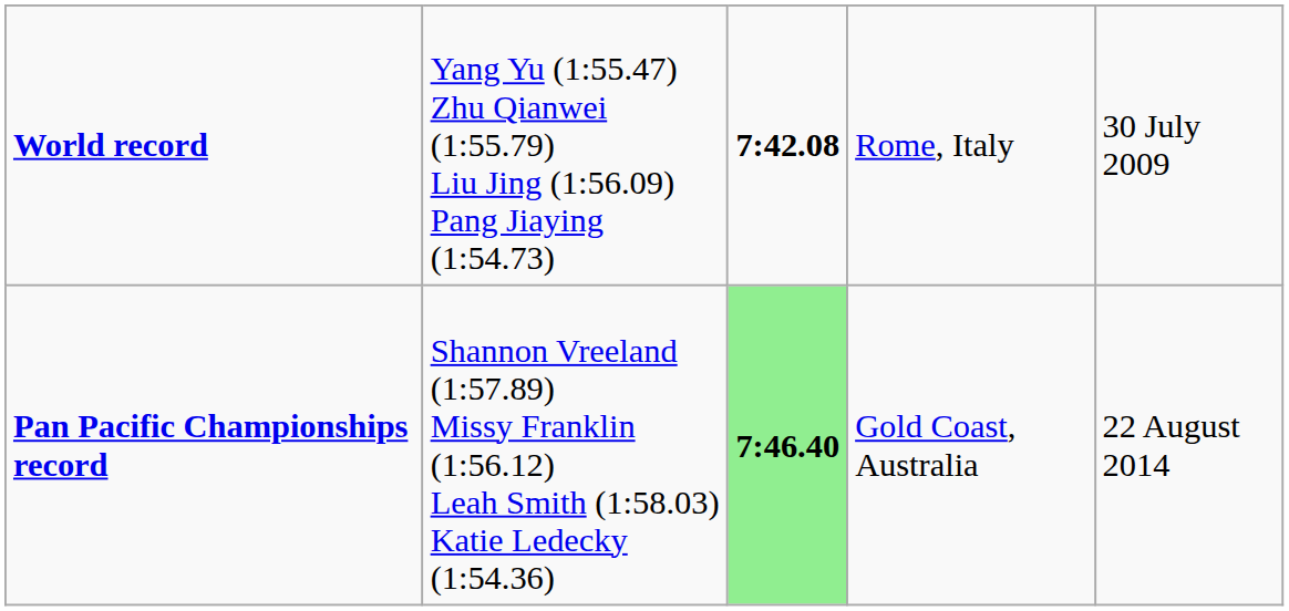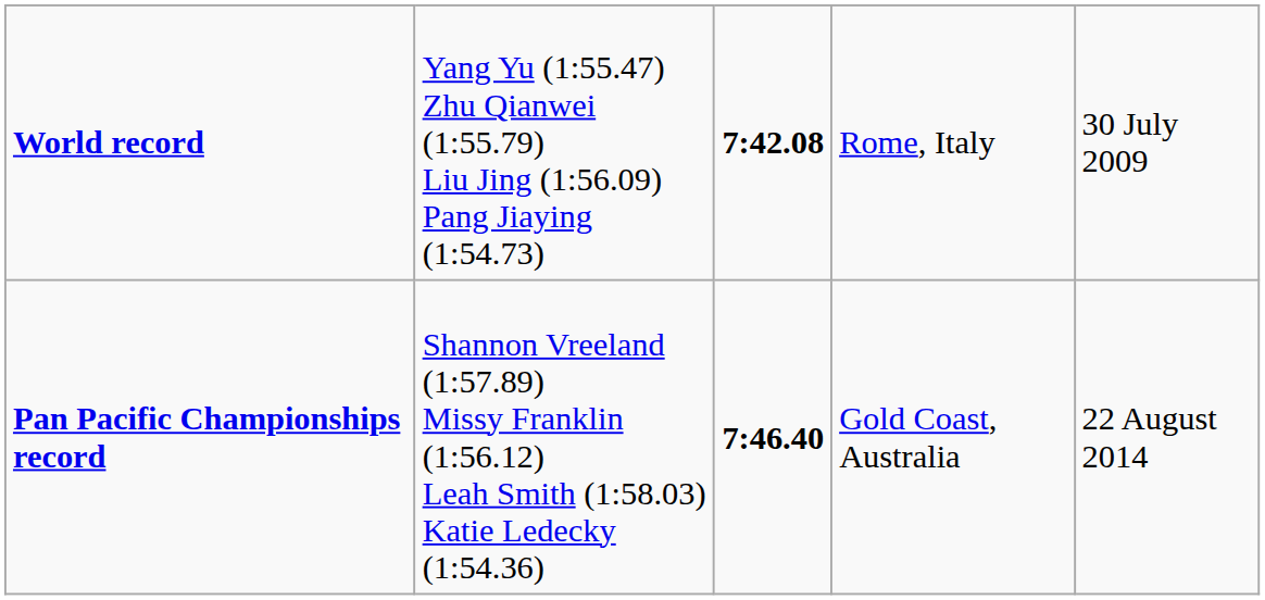 <table class="wikitable">
 <tr>
 <td><strong><a href='#'>World record</a></strong></td>
 <td><br><a href='#'>Yang Yu</a> (1:55.47)<br><a href='#'>Zhu Qianwei</a> (1:55.79)<br><a href='#'>Liu Jing</a> (1:56.09)<br><a href='#'>Pang Jiaying</a> (1:54.73)</td>
 <td><strong>7:42.08</strong></td>
 <td><a href='#'>Rome</a>, Italy</td>
 <td>30 July 2009</td>
 </tr>
 <tr>
 <td><strong><a href='#'>Pan Pacific Championships record</a></strong></td>
 <td><br><a href='#'>Shannon Vreeland</a> (1:57.89)<br><a href='#'>Missy Franklin</a> (1:56.12)<br><a href='#'>Leah Smith</a> (1:58.03)<br><a href='#'>Katie Ledecky</a> (1:54.36)</td>
-<td style="background: lightgreen;"><strong>7:46.40</strong></td>
+<td><strong>7:46.40</strong></td>
 <td><a href='#'>Gold Coast</a>, Australia</td>
 <td>22 August 2014</td>
 </tr>
 </table>
